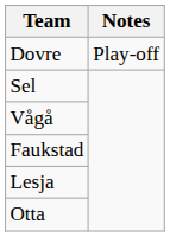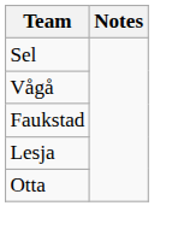 <table class="wikitable">
 <tr>
 <th>Team</th>
 <th>Notes</th>
-</tr>
-<tr>
-<td>Dovre</td>
-<td>Play-off</td>
 </tr>
 <tr>
 <td>Sel</td>
 </tr>
 <tr>
 <td>Vågå</td>
 </tr>
 <tr>
 <td>Faukstad</td>
 </tr>
 <tr>
 <td>Lesja</td>
 </tr>
 <tr>
 <td>Otta</td>
 </tr>
 </table>
